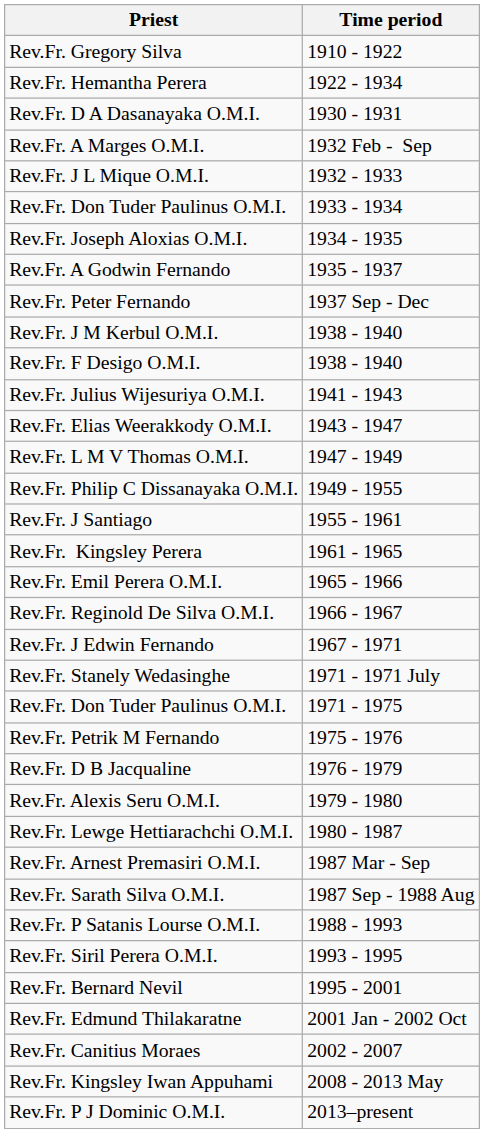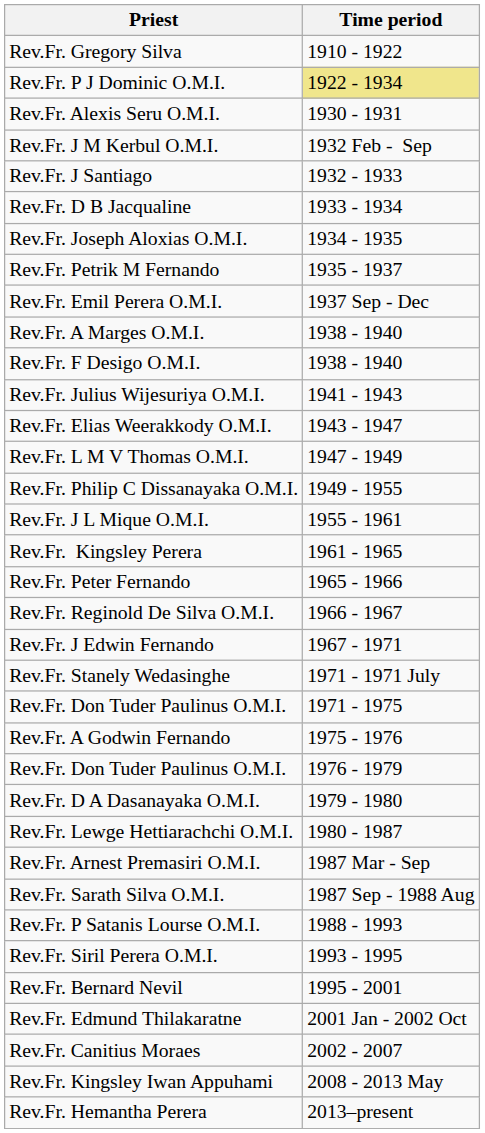 <table class=wikitable>
 <tr>
 <th>Priest</th>
 <th>Time period</th>
 </tr>
 <tr>
 <td>Rev.Fr. Gregory Silva</td>
 <td>1910 - 1922</td>
 </tr>
 <tr>
-<td>Rev.Fr. Hemantha Perera</td>
-<td>1922 - 1934</td>
+<td>Rev.Fr. P J Dominic O.M.I.</td>
+<td style="background: khaki;">1922 - 1934</td>
 </tr>
 <tr>
-<td>Rev.Fr. D A Dasanayaka O.M.I.</td>
+<td>Rev.Fr. Alexis Seru O.M.I.</td>
 <td>1930 - 1931</td>
 </tr>
 <tr>
-<td>Rev.Fr. A Marges O.M.I.</td>
+<td>Rev.Fr. J M Kerbul O.M.I.</td>
 <td>1932 Feb -  Sep</td>
 </tr>
 <tr>
-<td>Rev.Fr. J L Mique O.M.I.</td>
+<td>Rev.Fr. J Santiago</td>
 <td>1932 - 1933</td>
 </tr>
 <tr>
-<td>Rev.Fr. Don Tuder Paulinus O.M.I.</td>
+<td>Rev.Fr. D B Jacqualine</td>
 <td>1933 - 1934</td>
 </tr>
 <tr>
 <td>Rev.Fr. Joseph Aloxias O.M.I.</td>
 <td>1934 - 1935</td>
 </tr>
 <tr>
-<td>Rev.Fr. A Godwin Fernando</td>
+<td>Rev.Fr. Petrik M Fernando</td>
 <td>1935 - 1937</td>
 </tr>
 <tr>
-<td>Rev.Fr. Peter Fernando</td>
+<td>Rev.Fr. Emil Perera O.M.I.</td>
 <td>1937 Sep - Dec</td>
 </tr>
 <tr>
-<td>Rev.Fr. J M Kerbul O.M.I.</td>
+<td>Rev.Fr. A Marges O.M.I.</td>
 <td>1938 - 1940</td>
 </tr>
 <tr>
 <td>Rev.Fr. F Desigo O.M.I.</td>
 <td>1938 - 1940</td>
 </tr>
 <tr>
 <td>Rev.Fr. Julius Wijesuriya O.M.I.</td>
 <td>1941 - 1943</td>
 </tr>
 <tr>
 <td>Rev.Fr. Elias Weerakkody O.M.I.</td>
 <td>1943 - 1947</td>
 </tr>
 <tr>
 <td>Rev.Fr. L M V Thomas O.M.I.</td>
 <td>1947 - 1949</td>
 </tr>
 <tr>
 <td>Rev.Fr. Philip C Dissanayaka O.M.I.</td>
 <td>1949 - 1955</td>
 </tr>
 <tr>
-<td>Rev.Fr. J Santiago</td>
+<td>Rev.Fr. J L Mique O.M.I.</td>
 <td>1955 - 1961</td>
 </tr>
 <tr>
 <td>Rev.Fr.  Kingsley Perera</td>
 <td>1961 - 1965</td>
 </tr>
 <tr>
-<td>Rev.Fr. Emil Perera O.M.I.</td>
+<td>Rev.Fr. Peter Fernando</td>
 <td>1965 - 1966</td>
 </tr>
 <tr>
 <td>Rev.Fr. Reginold De Silva O.M.I.</td>
 <td>1966 - 1967</td>
 </tr>
 <tr>
 <td>Rev.Fr. J Edwin Fernando</td>
 <td>1967 - 1971</td>
 </tr>
 <tr>
 <td>Rev.Fr. Stanely Wedasinghe</td>
 <td>1971 - 1971 July</td>
 </tr>
 <tr>
 <td>Rev.Fr. Don Tuder Paulinus O.M.I.</td>
 <td>1971 - 1975</td>
 </tr>
 <tr>
-<td>Rev.Fr. Petrik M Fernando</td>
+<td>Rev.Fr. A Godwin Fernando</td>
 <td>1975 - 1976</td>
 </tr>
 <tr>
-<td>Rev.Fr. D B Jacqualine</td>
+<td>Rev.Fr. Don Tuder Paulinus O.M.I.</td>
 <td>1976 - 1979</td>
 </tr>
 <tr>
-<td>Rev.Fr. Alexis Seru O.M.I.</td>
+<td>Rev.Fr. D A Dasanayaka O.M.I.</td>
 <td>1979 - 1980</td>
 </tr>
 <tr>
 <td>Rev.Fr. Lewge Hettiarachchi O.M.I.</td>
 <td>1980 - 1987</td>
 </tr>
 <tr>
 <td>Rev.Fr. Arnest Premasiri O.M.I.</td>
 <td>1987 Mar - Sep</td>
 </tr>
 <tr>
 <td>Rev.Fr. Sarath Silva O.M.I.</td>
 <td>1987 Sep - 1988 Aug</td>
 </tr>
 <tr>
 <td>Rev.Fr. P Satanis Lourse O.M.I.</td>
 <td>1988 - 1993</td>
 </tr>
 <tr>
 <td>Rev.Fr. Siril Perera O.M.I.</td>
 <td>1993 - 1995</td>
 </tr>
 <tr>
 <td>Rev.Fr. Bernard Nevil</td>
 <td>1995 - 2001</td>
 </tr>
 <tr>
 <td>Rev.Fr. Edmund Thilakaratne</td>
 <td>2001 Jan - 2002 Oct</td>
 </tr>
 <tr>
 <td>Rev.Fr. Canitius Moraes</td>
 <td>2002 - 2007</td>
 </tr>
 <tr>
 <td>Rev.Fr. Kingsley Iwan Appuhami</td>
 <td>2008 - 2013 May</td>
 </tr>
 <tr>
-<td>Rev.Fr. P J Dominic O.M.I.</td>
+<td>Rev.Fr. Hemantha Perera</td>
 <td>2013–present</td>
 </tr>
 <tr>
 </tr>
 </table>
